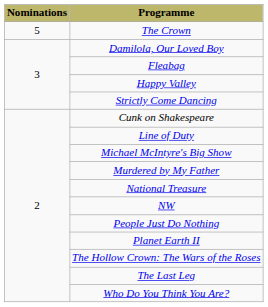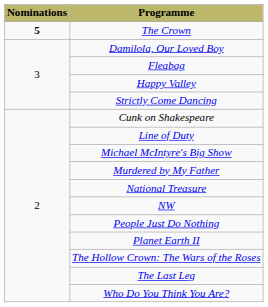 <table class="wikitable" style="text-align:center;">
 <tr>
 <th style="background:#BDB76B;">Nominations</th>
 <th style="background:#BDB76B;">Programme</th>
 </tr>
 <tr>
-<td>5</td>
+<td><strong>5</strong></td>
 <td><em><a href='#'>The Crown</a></em></td>
 </tr>
 <tr>
 <td rowspan="4">3</td>
 <td><em><a href='#'>Damilola, Our Loved Boy</a></em></td>
 </tr>
 <tr>
 <td><em><a href='#'>Fleabag</a></em></td>
 </tr>
 <tr>
 <td><em><a href='#'>Happy Valley</a></em></td>
 </tr>
 <tr>
 <td><em><a href='#'>Strictly Come Dancing</a></em></td>
 </tr>
 <tr>
 <td rowspan="11">2</td>
 <td><em>Cunk on Shakespeare</em></td>
 </tr>
 <tr>
 <td><em><a href='#'>Line of Duty</a></em></td>
 </tr>
 <tr>
 <td><em><a href='#'>Michael McIntyre's Big Show</a></em></td>
 </tr>
 <tr>
 <td><em><a href='#'>Murdered by My Father</a></em></td>
 </tr>
 <tr>
 <td><em><a href='#'>National Treasure</a></em></td>
 </tr>
 <tr>
 <td><em><a href='#'>NW</a></em></td>
 </tr>
 <tr>
 <td><em><a href='#'>People Just Do Nothing</a></em></td>
 </tr>
 <tr>
 <td><em><a href='#'>Planet Earth II</a></em></td>
 </tr>
 <tr>
 <td><em><a href='#'>The Hollow Crown: The Wars of the Roses</a></em></td>
 </tr>
 <tr>
 <td><em><a href='#'>The Last Leg</a></em></td>
 </tr>
 <tr>
 <td><em><a href='#'>Who Do You Think You Are?</a></em></td>
 </tr>
 </table>
